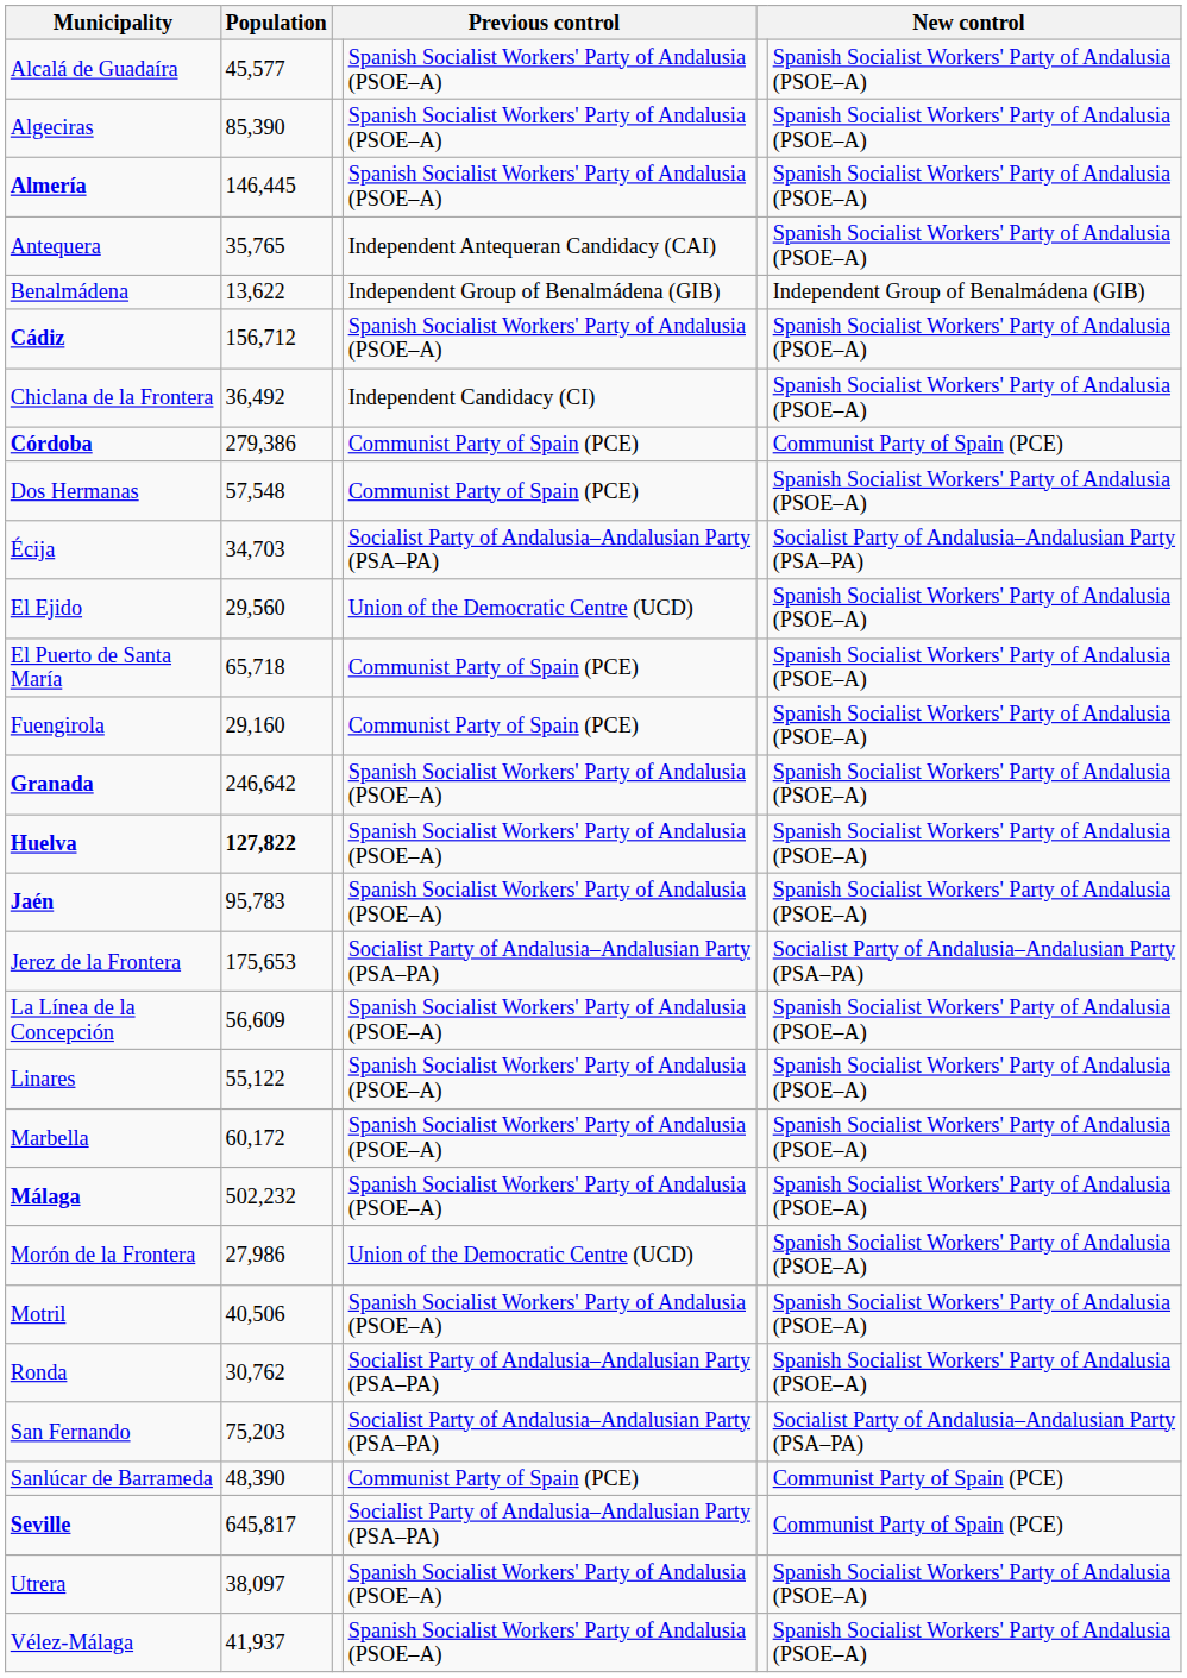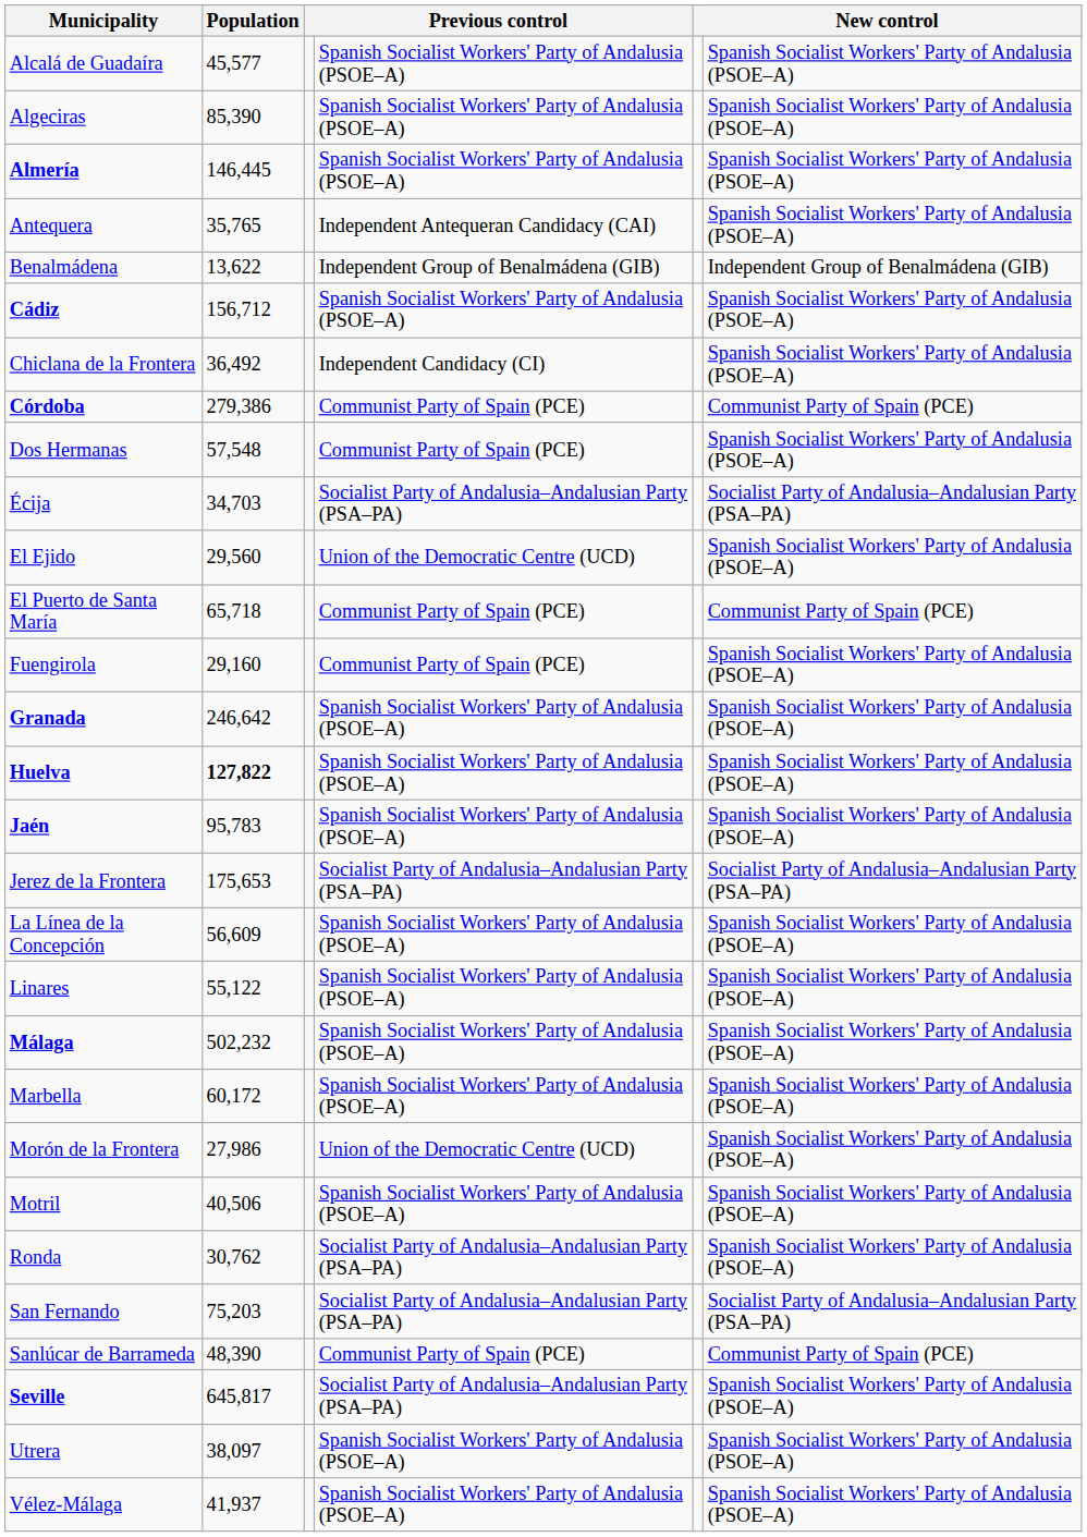 <table class="wikitable sortable">
 <tr>
 <th>Municipality</th>
 <th>Population</th>
 <th colspan="2" style="width:375px;">Previous control</th>
 <th colspan="2" style="width:375px;">New control</th>
 </tr>
 <tr>
 <td><a href='#'>Alcalá de Guadaíra</a></td>
 <td>45,577</td>
 <td width="1" style="color:inherit;background:"></td>
 <td><a href='#'>Spanish Socialist Workers' Party of Andalusia</a> (PSOE–A)</td>
 <td width="1" style="color:inherit;background:"></td>
 <td><a href='#'>Spanish Socialist Workers' Party of Andalusia</a> (PSOE–A)</td>
 </tr>
 <tr>
 <td><a href='#'>Algeciras</a></td>
 <td>85,390</td>
 <td style="color:inherit;background:"></td>
 <td><a href='#'>Spanish Socialist Workers' Party of Andalusia</a> (PSOE–A)</td>
 <td style="color:inherit;background:"></td>
 <td><a href='#'>Spanish Socialist Workers' Party of Andalusia</a> (PSOE–A)</td>
 </tr>
 <tr>
 <td><strong><a href='#'>Almería</a></strong></td>
 <td>146,445</td>
 <td style="color:inherit;background:"></td>
 <td><a href='#'>Spanish Socialist Workers' Party of Andalusia</a> (PSOE–A)</td>
 <td style="color:inherit;background:"></td>
 <td><a href='#'>Spanish Socialist Workers' Party of Andalusia</a> (PSOE–A)</td>
 </tr>
 <tr>
 <td><a href='#'>Antequera</a></td>
 <td>35,765</td>
 <td style="color:inherit;background:"></td>
 <td>Independent Antequeran Candidacy (CAI)</td>
 <td style="color:inherit;background:"></td>
 <td><a href='#'>Spanish Socialist Workers' Party of Andalusia</a> (PSOE–A)</td>
 </tr>
 <tr>
 <td><a href='#'>Benalmádena</a></td>
 <td>13,622</td>
 <td style="color:inherit;background:"></td>
 <td>Independent Group of Benalmádena (GIB)</td>
 <td style="color:inherit;background:"></td>
 <td>Independent Group of Benalmádena (GIB)</td>
 </tr>
 <tr>
 <td><strong><a href='#'>Cádiz</a></strong></td>
 <td>156,712</td>
 <td style="color:inherit;background:"></td>
 <td><a href='#'>Spanish Socialist Workers' Party of Andalusia</a> (PSOE–A)</td>
 <td style="color:inherit;background:"></td>
 <td><a href='#'>Spanish Socialist Workers' Party of Andalusia</a> (PSOE–A)</td>
 </tr>
 <tr>
 <td><a href='#'>Chiclana de la Frontera</a></td>
 <td>36,492</td>
 <td style="color:inherit;background:"></td>
 <td>Independent Candidacy (CI)</td>
 <td style="color:inherit;background:"></td>
 <td><a href='#'>Spanish Socialist Workers' Party of Andalusia</a> (PSOE–A)</td>
 </tr>
 <tr>
 <td><strong><a href='#'>Córdoba</a></strong></td>
 <td>279,386</td>
 <td style="color:inherit;background:"></td>
 <td><a href='#'>Communist Party of Spain</a> (PCE)</td>
 <td style="color:inherit;background:"></td>
 <td><a href='#'>Communist Party of Spain</a> (PCE)</td>
 </tr>
 <tr>
 <td><a href='#'>Dos Hermanas</a></td>
 <td>57,548</td>
 <td style="color:inherit;background:"></td>
 <td><a href='#'>Communist Party of Spain</a> (PCE)</td>
 <td style="color:inherit;background:"></td>
 <td><a href='#'>Spanish Socialist Workers' Party of Andalusia</a> (PSOE–A)</td>
 </tr>
 <tr>
 <td><a href='#'>Écija</a></td>
 <td>34,703</td>
 <td style="color:inherit;background:"></td>
 <td><a href='#'>Socialist Party of Andalusia–Andalusian Party</a> (PSA–PA)</td>
 <td style="color:inherit;background:"></td>
 <td><a href='#'>Socialist Party of Andalusia–Andalusian Party</a> (PSA–PA)</td>
 </tr>
 <tr>
 <td><a href='#'>El Ejido</a></td>
 <td>29,560</td>
 <td style="color:inherit;background:"></td>
 <td><a href='#'>Union of the Democratic Centre</a> (UCD)</td>
 <td style="color:inherit;background:"></td>
 <td><a href='#'>Spanish Socialist Workers' Party of Andalusia</a> (PSOE–A)</td>
 </tr>
 <tr>
 <td><a href='#'>El Puerto de Santa María</a></td>
 <td>65,718</td>
 <td style="color:inherit;background:"></td>
 <td><a href='#'>Communist Party of Spain</a> (PCE)</td>
 <td style="color:inherit;background:"></td>
-<td><a href='#'>Spanish Socialist Workers' Party of Andalusia</a> (PSOE–A)</td>
+<td><a href='#'>Communist Party of Spain</a> (PCE) </td>
 </tr>
 <tr>
 <td><a href='#'>Fuengirola</a></td>
 <td>29,160</td>
 <td style="color:inherit;background:"></td>
 <td><a href='#'>Communist Party of Spain</a> (PCE)</td>
 <td style="color:inherit;background:"></td>
 <td><a href='#'>Spanish Socialist Workers' Party of Andalusia</a> (PSOE–A)</td>
 </tr>
 <tr>
 <td><strong><a href='#'>Granada</a></strong></td>
 <td>246,642</td>
 <td style="color:inherit;background:"></td>
 <td><a href='#'>Spanish Socialist Workers' Party of Andalusia</a> (PSOE–A)</td>
 <td style="color:inherit;background:"></td>
 <td><a href='#'>Spanish Socialist Workers' Party of Andalusia</a> (PSOE–A)</td>
 </tr>
 <tr>
 <td><strong><a href='#'>Huelva</a></strong></td>
 <td><strong>127,822</strong></td>
 <td style="color:inherit;background:"></td>
 <td><a href='#'>Spanish Socialist Workers' Party of Andalusia</a> (PSOE–A)</td>
 <td style="color:inherit;background:"></td>
 <td><a href='#'>Spanish Socialist Workers' Party of Andalusia</a> (PSOE–A)</td>
 </tr>
 <tr>
 <td><strong><a href='#'>Jaén</a></strong></td>
 <td>95,783</td>
 <td style="color:inherit;background:"></td>
 <td><a href='#'>Spanish Socialist Workers' Party of Andalusia</a> (PSOE–A)</td>
 <td style="color:inherit;background:"></td>
 <td><a href='#'>Spanish Socialist Workers' Party of Andalusia</a> (PSOE–A)</td>
 </tr>
 <tr>
 <td><a href='#'>Jerez de la Frontera</a></td>
 <td>175,653</td>
 <td style="color:inherit;background:"></td>
 <td><a href='#'>Socialist Party of Andalusia–Andalusian Party</a> (PSA–PA)</td>
 <td style="color:inherit;background:"></td>
 <td><a href='#'>Socialist Party of Andalusia–Andalusian Party</a> (PSA–PA)</td>
 </tr>
 <tr>
 <td><a href='#'>La Línea de la Concepción</a></td>
 <td>56,609</td>
 <td style="color:inherit;background:"></td>
 <td><a href='#'>Spanish Socialist Workers' Party of Andalusia</a> (PSOE–A)</td>
 <td style="color:inherit;background:"></td>
 <td><a href='#'>Spanish Socialist Workers' Party of Andalusia</a> (PSOE–A)</td>
 </tr>
 <tr>
 <td><a href='#'>Linares</a></td>
 <td>55,122</td>
 <td style="color:inherit;background:"></td>
 <td><a href='#'>Spanish Socialist Workers' Party of Andalusia</a> (PSOE–A)</td>
 <td style="color:inherit;background:"></td>
 <td><a href='#'>Spanish Socialist Workers' Party of Andalusia</a> (PSOE–A)</td>
 </tr>
 <tr>
-<td><a href='#'>Marbella</a></td>
-<td>60,172</td>
+<td><strong><a href='#'>Málaga</a></strong></td>
+<td>502,232</td>
 <td style="color:inherit;background:"></td>
 <td><a href='#'>Spanish Socialist Workers' Party of Andalusia</a> (PSOE–A)</td>
 <td style="color:inherit;background:"></td>
 <td><a href='#'>Spanish Socialist Workers' Party of Andalusia</a> (PSOE–A)</td>
 </tr>
 <tr>
-<td><strong><a href='#'>Málaga</a></strong></td>
-<td>502,232</td>
+<td><a href='#'>Marbella</a></td>
+<td>60,172</td>
 <td style="color:inherit;background:"></td>
 <td><a href='#'>Spanish Socialist Workers' Party of Andalusia</a> (PSOE–A)</td>
 <td style="color:inherit;background:"></td>
 <td><a href='#'>Spanish Socialist Workers' Party of Andalusia</a> (PSOE–A)</td>
 </tr>
 <tr>
 <td><a href='#'>Morón de la Frontera</a></td>
 <td>27,986</td>
 <td style="color:inherit;background:"></td>
 <td><a href='#'>Union of the Democratic Centre</a> (UCD)</td>
 <td style="color:inherit;background:"></td>
 <td><a href='#'>Spanish Socialist Workers' Party of Andalusia</a> (PSOE–A)</td>
 </tr>
 <tr>
 <td><a href='#'>Motril</a></td>
 <td>40,506</td>
 <td style="color:inherit;background:"></td>
 <td><a href='#'>Spanish Socialist Workers' Party of Andalusia</a> (PSOE–A)</td>
 <td style="color:inherit;background:"></td>
 <td><a href='#'>Spanish Socialist Workers' Party of Andalusia</a> (PSOE–A)</td>
 </tr>
 <tr>
 <td><a href='#'>Ronda</a></td>
 <td>30,762</td>
 <td style="color:inherit;background:"></td>
 <td><a href='#'>Socialist Party of Andalusia–Andalusian Party</a> (PSA–PA)</td>
 <td style="color:inherit;background:"></td>
 <td><a href='#'>Spanish Socialist Workers' Party of Andalusia</a> (PSOE–A)</td>
 </tr>
 <tr>
 <td><a href='#'>San Fernando</a></td>
 <td>75,203</td>
 <td style="color:inherit;background:"></td>
 <td><a href='#'>Socialist Party of Andalusia–Andalusian Party</a> (PSA–PA)</td>
 <td style="color:inherit;background:"></td>
 <td><a href='#'>Socialist Party of Andalusia–Andalusian Party</a> (PSA–PA) </td>
 </tr>
 <tr>
 <td><a href='#'>Sanlúcar de Barrameda</a></td>
 <td>48,390</td>
 <td style="color:inherit;background:"></td>
 <td><a href='#'>Communist Party of Spain</a> (PCE)</td>
 <td style="color:inherit;background:"></td>
 <td><a href='#'>Communist Party of Spain</a> (PCE)</td>
 </tr>
 <tr>
 <td><strong><a href='#'>Seville</a></strong></td>
 <td>645,817</td>
 <td style="color:inherit;background:"></td>
 <td><a href='#'>Socialist Party of Andalusia–Andalusian Party</a> (PSA–PA)</td>
 <td style="color:inherit;background:"></td>
-<td><a href='#'>Communist Party of Spain</a> (PCE) </td>
+<td><a href='#'>Spanish Socialist Workers' Party of Andalusia</a> (PSOE–A)</td>
 </tr>
 <tr>
 <td><a href='#'>Utrera</a></td>
 <td>38,097</td>
 <td style="color:inherit;background:"></td>
 <td><a href='#'>Spanish Socialist Workers' Party of Andalusia</a> (PSOE–A)</td>
 <td style="color:inherit;background:"></td>
 <td><a href='#'>Spanish Socialist Workers' Party of Andalusia</a> (PSOE–A)</td>
 </tr>
 <tr>
 <td><a href='#'>Vélez-Málaga</a></td>
 <td>41,937</td>
 <td style="color:inherit;background:"></td>
 <td><a href='#'>Spanish Socialist Workers' Party of Andalusia</a> (PSOE–A)</td>
 <td style="color:inherit;background:"></td>
 <td><a href='#'>Spanish Socialist Workers' Party of Andalusia</a> (PSOE–A)</td>
 </tr>
 </table>
